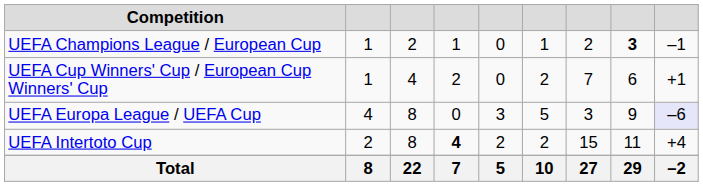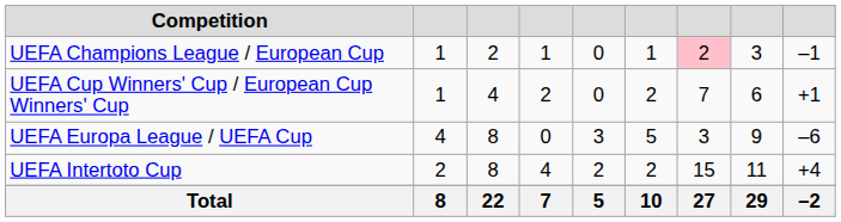 <table class="wikitable" style="text-align: center;">
 <tr>
 <th width="321" style="background:#DCDCDC"style="background:#23308A;color:white;border:1px solid white">Competition</th>
 <th width="35" style="background:#DCDCDC" style="background:#23308A;color:white;border:1px solid white"></th>
 <th width="35" style="background:#DCDCDC" style="background:#23308A;color:white;border:1px solid white"></th>
 <th width="35" style="background:#DCDCDC" style="background:#23308A;color:white;border:1px solid white"></th>
 <th width="35" style="background:#DCDCDC" style="background:#23308A;color:white;border:1px solid white"></th>
 <th width="35" style="background:#DCDCDC" style="background:#23308A;color:white;border:1px solid white"></th>
 <th width="35" style="background:#DCDCDC" style="background:#23308A;color:white;border:1px solid white"></th>
 <th width="35" style="background:#DCDCDC" style="background:#23308A;color:white;border:1px solid white"></th>
 <th width="35" style="background:#DCDCDC" style="background:#23308A;color:white;border:1px solid white"></th>
 </tr>
 <tr>
 <td align=left><a href='#'>UEFA Champions League</a> / <a href='#'>European Cup</a></td>
 <td>1</td>
 <td>2</td>
 <td>1</td>
 <td>0</td>
 <td>1</td>
-<td>2</td>
-<td><strong>3</strong></td>
+<td style="background: pink;">2</td>
+<td>3</td>
 <td>–1</td>
 </tr>
 <tr>
 <td align=left><a href='#'>UEFA Cup Winners' Cup</a> / <a href='#'>European Cup Winners' Cup</a> </td>
 <td>1</td>
 <td>4</td>
 <td>2</td>
 <td>0</td>
 <td>2</td>
 <td>7</td>
 <td>6</td>
 <td>+1</td>
 </tr>
 <tr>
 <td align=left><a href='#'>UEFA Europa League</a> / <a href='#'>UEFA Cup</a></td>
 <td>4</td>
 <td>8</td>
 <td>0</td>
 <td>3</td>
 <td>5</td>
 <td>3</td>
 <td>9</td>
-<td style="background: lavender;">–6</td>
+<td>–6</td>
 </tr>
 <tr>
 <td align=left><a href='#'>UEFA Intertoto Cup</a></td>
 <td>2</td>
 <td>8</td>
-<td><strong>4</strong></td>
+<td>4</td>
 <td>2</td>
 <td>2</td>
 <td>15</td>
 <td>11</td>
 <td>+4</td>
 </tr>
 <tr>
 </tr>
 <tr class="sortbottom">
 <th>Total</th>
 <th>8</th>
 <th>22</th>
 <th>7</th>
 <th>5</th>
 <th>10</th>
 <th>27</th>
 <th>29</th>
 <th>–2</th>
 </tr>
 </table>
